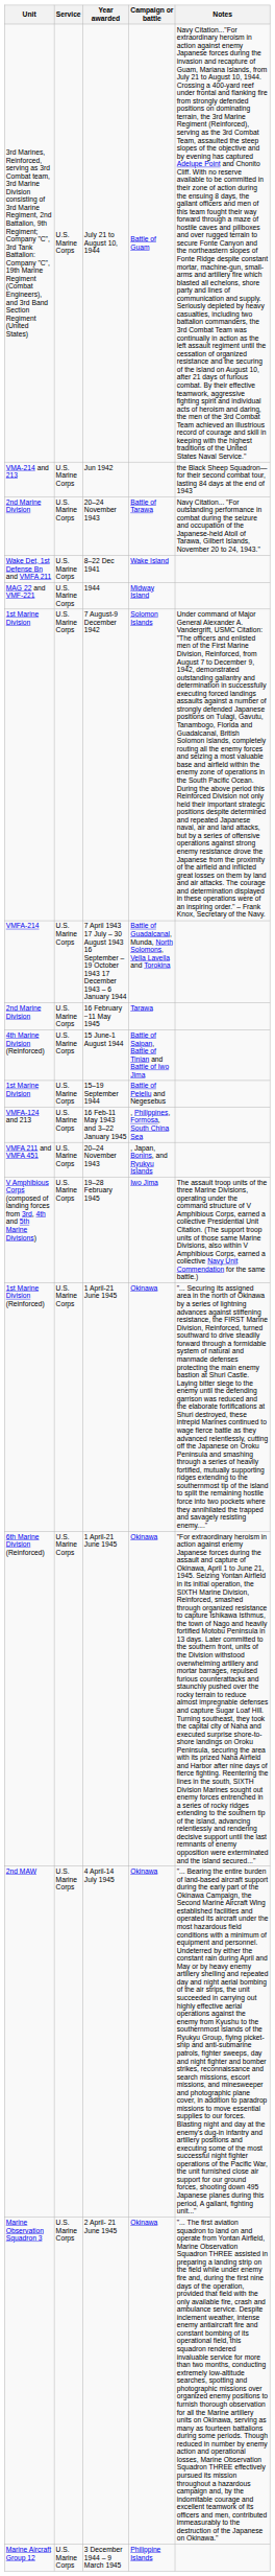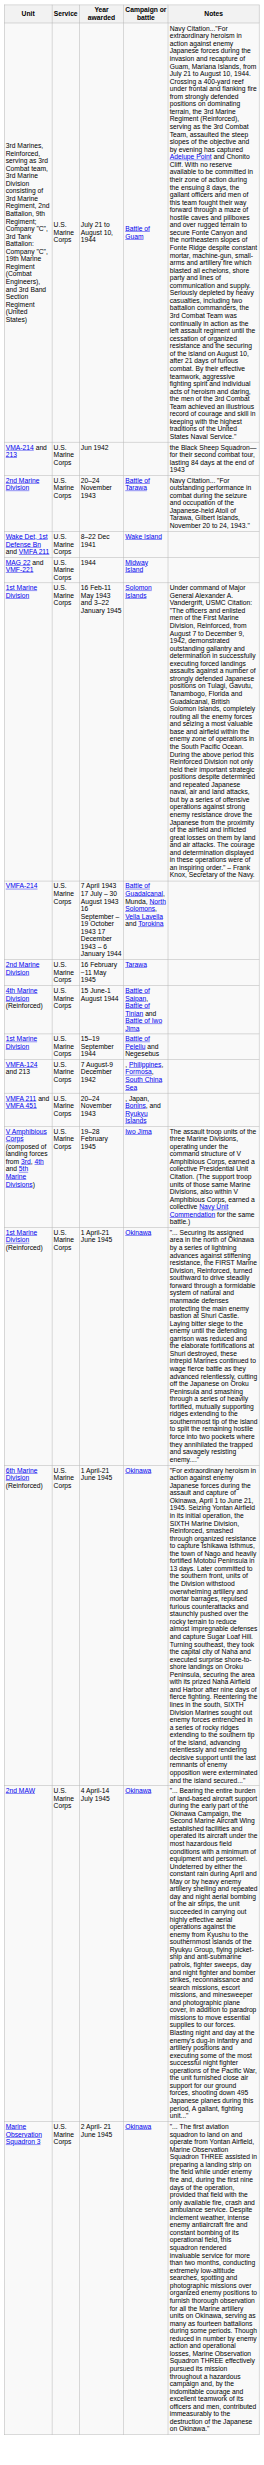 <table class="wikitable sortable mw-collapsible mw-collapsed" align="left">
 <tr>
 <th>Unit</th>
 <th>Service</th>
 <th>Year awarded</th>
 <th>Campaign or battle</th>
 <th>Notes</th>
 </tr>
 <tr>
 <td>3rd Marines, Reinforced, serving as 3rd Combat team, 3rd Marine Division consisting of 3rd Marine Regiment, 2nd Battalion, 9th Regiment; Company "C", 3rd Tank Battalion: Company "C", 19th Marine Regiment (Combat Engineers), and 3rd Band Section Regiment (United States)</td>
 <td>U.S. Marine Corps</td>
 <td>July 21 to August 10, 1944</td>
 <td><a href='#'>Battle of Guam</a></td>
 <td>Navy Citation..."For extraordinary heroism in action against enemy Japanese forces during the invasion and recapture of Guam, Mariana Islands, from July 21 to August 10, 1944.  Crossing a 400-yard reef under frontal and flanking fire from strongly defended positions on dominating terrain, the 3rd Marine Regiment (Reinforced), serving as the 3rd Combat Team, assaulted the steep slopes of the objective and by evening has captured <a href='#'>Adelupe Point</a> and Chonito Cliff.  With no reserve available to be committed in their zone of action during the ensuing 8 days, the gallant officers and men of this team fought their way forward through a maze of hostile caves and pillboxes and over rugged terrain to secure Fonte Canyon and the northeastern slopes of Fonte Ridge despite constant mortar, machine-gun, small-arms and artillery fire which blasted all echelons, shore party and lines of communication and supply.  Seriously depleted by heavy casualties, including two battalion commanders, the 3rd Combat Team was continually in action as the left assault regiment until the cessation of organized resistance and the securing of the island on August 10, after 21 days of furious combat.  By their effective teamwork, aggressive fighting spirit and individual acts of heroism and daring, the men of the 3rd Combat Team achieved an illustrious record of courage and skill in keeping with the highest traditions of the United States Naval Service."</td>
 </tr>
 <tr>
 <td valign="top"><a href='#'>VMA-214</a> and <a href='#'>213</a></td>
 <td valign="top">U.S. Marine Corps</td>
 <td valign="top">Jun 1942</td>
 <td></td>
 <td valign="top">the Black Sheep Squadron—for their second combat tour, lasting 84 days at the end of 1943</td>
 </tr>
 <tr>
 <td valign="top"><a href='#'>2nd Marine Division</a></td>
 <td valign="top">U.S. Marine Corps</td>
 <td valign="top">20–24 November 1943</td>
 <td valign="top"><a href='#'>Battle of Tarawa</a></td>
 <td valign="top">Navy Citation... "For outstanding performance in combat during the seizure and occupation of the Japanese-held Atoll of Tarawa, Gilbert Islands, November 20 to 24, 1943."</td>
 </tr>
 <tr>
 <td valign="top"><a href='#'>Wake Det, 1st Defense Bn</a> and <a href='#'>VMFA 211</a></td>
 <td valign="top">U.S. Marine Corps</td>
 <td valign="top">8–22 Dec 1941</td>
 <td valign="top"><a href='#'>Wake Island</a></td>
 <td valign="top"></td>
 </tr>
 <tr>
 <td valign="top"><a href='#'>MAG 22</a> and <a href='#'>VMF-221</a></td>
 <td valign="top">U.S. Marine Corps</td>
 <td valign="top">1944</td>
 <td valign="top"><a href='#'>Midway Island</a></td>
 <td valign="top"></td>
 </tr>
 <tr>
 <td valign="top"><a href='#'>1st Marine Division</a></td>
 <td valign="top">U.S. Marine Corps</td>
-<td valign="top">7 August-9 December 1942</td>
+<td valign="top">16 Feb-11 May 1943 and 3–22 January 1945</td>
 <td valign="top"><a href='#'>Solomon Islands</a></td>
 <td valign="top">Under command of Major General Alexander A. Vandergrift, USMC Citation: "The officers and enlisted men of the First Marine Division, Reinforced, from August 7 to December 9, 1942, demonstrated outstanding gallantry and determination in successfully executing forced landings assaults against a number of strongly defended Japanese positions on Tulagi, Gavutu, Tanambogo, Florida and Guadalcanal, British Solomon Islands, completely routing all the enemy forces and seizing a most valuable base and airfield within the enemy zone of operations in the South Pacific Ocean. During the above period this Reinforced Division not only held their important strategic positions despite determined and repeated Japanese naval, air and land attacks, but by a series of offensive operations against strong enemy resistance drove the Japanese from the proximity of the airfield and inflicted great losses on them by land and air attacks.  The courage and determination displayed in these operations were of an inspiring order." – Frank Knox, Secretary of the Navy.</td>
 </tr>
 <tr>
 <td valign="top"><a href='#'>VMFA-214</a></td>
 <td valign="top">U.S. Marine Corps</td>
 <td valign="top">7 April 1943 17 July – 30 August 1943 16 September – 19 October 1943 17 December 1943 – 6 January 1944</td>
 <td valign="top"><a href='#'>Battle of Guadalcanal</a>, Munda, <a href='#'>North Solomons</a>, <a href='#'>Vella Lavella</a> and <a href='#'>Torokina</a></td>
 <td valign="top"></td>
 </tr>
 <tr>
 <td valign="top"><a href='#'>2nd Marine Division</a></td>
 <td valign="top">U.S. Marine Corps</td>
 <td valign="top">16 February −11 May 1945</td>
 <td valign="top"><a href='#'>Tarawa</a></td>
 <td valign="top"></td>
 </tr>
 <tr>
 <td valign="top"><a href='#'>4th Marine Division</a> (Reinforced)</td>
 <td valign="top">U.S. Marine Corps</td>
 <td valign="top">15 June-1 August 1944</td>
 <td valign="top"><a href='#'>Battle of Saipan</a>, <a href='#'>Battle of Tinian</a> and <a href='#'>Battle of Iwo Jima</a></td>
 <td valign="top"></td>
 </tr>
 <tr>
 <td valign="top"><a href='#'>1st Marine Division</a></td>
 <td valign="top">U.S. Marine Corps</td>
 <td valign="top">15–19 September 1944</td>
 <td valign="top"><a href='#'>Battle of Peleliu</a> and Negesebus</td>
 <td valign="top"></td>
 </tr>
 <tr>
 <td valign="top"><a href='#'>VMFA-124</a> and 213</td>
 <td valign="top">U.S. Marine Corps</td>
-<td valign="top">16 Feb-11 May 1943 and 3–22 January 1945</td>
+<td valign="top">7 August-9 December 1942</td>
 <td valign="top">, <a href='#'>Philippines</a>, <a href='#'>Formosa</a>, <a href='#'>South China Sea</a></td>
 <td valign="top"></td>
 </tr>
 <tr>
 <td valign="top"><a href='#'>VMFA 211</a> and <a href='#'>VMFA 451</a></td>
 <td valign="top">U.S. Marine Corps</td>
 <td valign="top">20–24 November 1943</td>
 <td valign="top">, Japan, <a href='#'>Bonins</a>, and <a href='#'>Ryukyu Islands</a></td>
 <td valign="top"></td>
 </tr>
 <tr>
 <td valign="top"><a href='#'>V Amphibious Corps</a> (composed of landing forces from <a href='#'>3rd</a>, <a href='#'>4th</a> and <a href='#'>5th Marine Divisions</a>)</td>
 <td valign="top">U.S. Marine Corps</td>
 <td valign="top">19–28 February 1945</td>
 <td valign="top"><a href='#'>Iwo Jima</a></td>
 <td valign="top">The assault troop units of the three Marine Divisions, operating under the command structure of V Amphibious Corps, earned a collective Presidential Unit Citation.  (The support troop units of those same Marine Divisions, also within V Amphibious Corps, earned a collective <a href='#'>Navy Unit Commendation</a> for the same battle.)</td>
 </tr>
 <tr>
 <td valign="top"><a href='#'>1st Marine Division</a> (Reinforced)</td>
 <td valign="top">U.S. Marine Corps</td>
 <td valign="top">1 April-21 June 1945</td>
 <td valign="top"><a href='#'>Okinawa</a></td>
 <td valign="top">"... Securing its assigned area in the north of Okinawa by a series of lightning advances against stiffening resistance, the FIRST Marine Division, Reinforced, turned southward to drive steadily forward through a formidable system of natural and manmade defenses protecting the main enemy bastion at Shuri Castle. Laying bitter siege to the enemy until the defending garrison was reduced and the elaborate fortifications at Shuri destroyed, these intrepid Marines continued to wage fierce battle as they advanced relentlessly, cutting off the Japanese on Oroku Peninsula and smashing through a series of heavily fortified, mutually supporting ridges extending to the southernmost tip of the island to split the remaining hostile force into two pockets where they annihilated the trapped and savagely resisting enemy...."</td>
 </tr>
 <tr>
 <td valign="top"><a href='#'>6th Marine Division</a> (Reinforced)</td>
 <td valign="top">U.S. Marine Corps</td>
 <td valign="top">1 April-21 June 1945</td>
 <td valign="top"><a href='#'>Okinawa</a></td>
 <td valign="top">"For extraordinary heroism in action against enemy Japanese forces during the assault and capture of Okinawa, April 1 to June 21, 1945. Seizing Yontan Airfield in its initial operation, the SIXTH Marine Division, Reinforced, smashed through organized resistance to capture Ishikawa Isthmus, the town of Nago and heavily fortified Motobu Peninsula in 13 days. Later committed to the southern front, units of the Division withstood overwhelming artillery and mortar barrages, repulsed furious counterattacks and staunchly pushed over the rocky terrain to reduce almost impregnable defenses and capture Sugar Loaf Hill. Turning southeast, they took the capital city of Naha and executed surprise shore-to-shore landings on Oroku Peninsula, securing the area with its prized Naha Airfield and Harbor after nine days of fierce fighting. Reentering the lines in the south, SIXTH Division Marines sought out enemy forces entrenched in a series of rocky ridges extending to the southern tip of the island, advancing relentlessly and rendering decisive support until the last remnants of enemy opposition were exterminated and the island secured..."</td>
 </tr>
 <tr>
 <td valign="top"><a href='#'>2nd MAW</a></td>
 <td valign="top">U.S. Marine Corps</td>
 <td valign="top">4 April-14 July 1945</td>
 <td valign="top"><a href='#'>Okinawa</a></td>
 <td valign="top">"... Bearing the entire burden of land-based aircraft support during the early part of the Okinawa Campaign, the Second Marine Aircraft Wing established facilities and operated its aircraft under the most hazardous field conditions with a minimum of equipment and personnel. Undeterred by either the constant rain during April and May or by heavy enemy artillery shelling and repeated day and night aerial bombing of the air strips, the unit succeeded in carrying out highly effective aerial operations against the enemy from Kyushu to the southernmost islands of the Ryukyu Group, flying picket-ship and anti-submarine patrols, fighter sweeps, day and night fighter and bomber strikes, reconnaissance and search missions, escort missions, and minesweeper and photographic plane cover, in addition to paradrop missions to move essential supplies to our forces. Blasting night and day at the enemy's dug-in infantry and artillery positions and executing some of the most successful night fighter operations of the Pacific War, the unit furnished close air support for our ground forces, shooting down 495 Japanese planes during this period, A gallant, fighting unit..."</td>
 </tr>
 <tr>
 <td valign="top"><a href='#'>Marine Observation Squadron 3</a></td>
 <td valign="top">U.S. Marine Corps</td>
 <td valign="top">2 April- 21 June 1945</td>
 <td valign="top"><a href='#'>Okinawa</a></td>
 <td valign="top">"... The first aviation squadron to land on and operate from Yontan Airfield, Marine Observation Squadron THREE assisted in preparing a landing strip on the field while under enemy fire and, during the first nine days of the operation, provided that field with the only available fire, crash and ambulance service. Despite inclement weather, intense enemy antiaircraft fire and constant bombing of its operational field, this squadron rendered invaluable service for more than two months, conducting extremely low-altitude searches, spotting and photographic missions over organized enemy positions to furnish thorough observation for all the Marine artillery units on Okinawa, serving as many as fourteen battalions during some periods. Though reduced in number by enemy action and operational losses, Marine Observation Squadron THREE effectively pursued its mission throughout a hazardous campaign and, by the indomitable courage and excellent teamwork of its officers and men, contributed immeasurably to the destruction of the Japanese on Okinawa."</td>
 </tr>
-<tr>
-<td valign="top"><a href='#'>Marine Aircraft Group 12</a></td>
-<td valign="top">U.S. Marine Corps</td>
-<td valign="top">3 December 1944 – 9 March 1945</td>
-<td valign="top"><a href='#'>Philippine Islands</a></td>
-<td valign="top"></td>
-</tr>
 </table>
